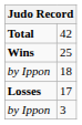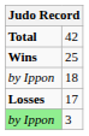 <table class="wikitable">
 <tr>
 <th colspan="2">Judo Record</th>
 </tr>
 <tr>
 <td><strong>Total</strong></td>
 <td>42</td>
 </tr>
 <tr>
 <td><strong>Wins</strong></td>
 <td>25</td>
 </tr>
 <tr>
 <td><em>by Ippon</em></td>
 <td>18</td>
 </tr>
 <tr>
 <td><strong>Losses</strong></td>
 <td>17</td>
 </tr>
 <tr>
-<td><em>by Ippon</em></td>
+<td style="background: lightgreen;"><em>by Ippon</em></td>
 <td>3</td>
 </tr>
 </table>
